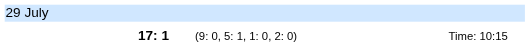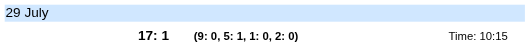 <table style="text-align:center">
 <tr style="text-align:left; background:#d0e7ff;">
 <td colspan=6>29 July</td>
 </tr>
 <tr style="font-size:90%; vertical-align:top;">
 <th width=140></th>
 <th width=60></th>
 <th width=150></th>
 <th width=140></th>
 <th width=100></th>
 </tr>
 <tr>
 <td align=right></td>
 <td><strong>17: 1</strong></td>
-<td><small>(9: 0, 5: 1, 1: 0, 2: 0)</small></td>
+<td><strong><small>(9: 0, 5: 1, 1: 0, 2: 0)</small></strong></td>
 <td align=left></td>
 <td><small>Time: 10:15</small></td>
 <td></td>
 </tr>
 </table>
